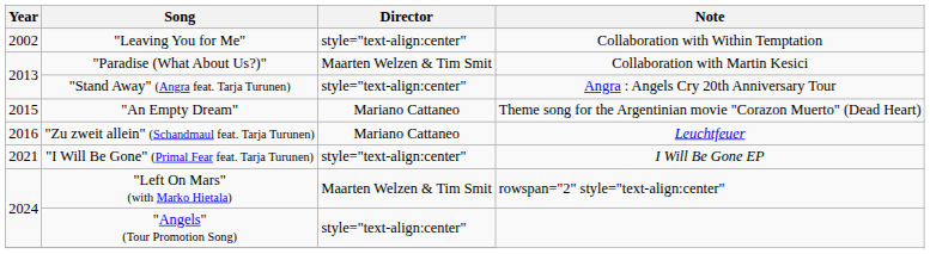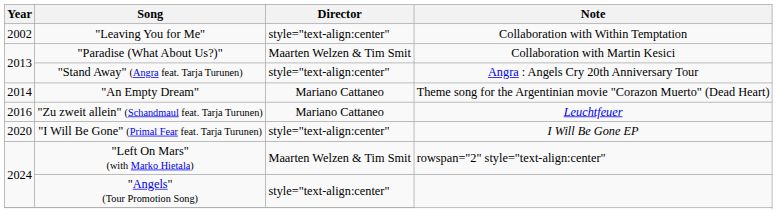 <table class="wikitable">
 <tr>
 <th>Year</th>
 <th>Song</th>
 <th>Director</th>
 <th>Note</th>
 </tr>
 <tr>
 <td>2002</td>
 <td style="text-align:center">"Leaving You for Me"</td>
 <td>style="text-align:center" </td>
 <td style="text-align:center">Collaboration with Within Temptation</td>
 </tr>
 <tr>
 <td rowspan="2">2013</td>
 <td style="text-align:center">"Paradise (What About Us?)"</td>
 <td style="text-align:center">Maarten Welzen & Tim Smit</td>
 <td style="text-align:center">Collaboration with Martin Kesici</td>
 </tr>
 <tr>
 <td style="text-align:center">"Stand Away" <small>(<a href='#'>Angra</a> feat. Tarja Turunen)</small></td>
 <td>style="text-align:center" </td>
 <td style="text-align:center"><a href='#'>Angra</a> : Angels Cry 20th Anniversary Tour</td>
 </tr>
 <tr>
-<td>2015</td>
+<td>2014</td>
 <td style="text-align:center">"An Empty Dream"</td>
 <td style="text-align:center">Mariano Cattaneo</td>
 <td style="text-align:center">Theme song for the Argentinian movie "Corazon Muerto" (Dead Heart)</td>
 </tr>
 <tr>
 <td style="text-align:center">2016</td>
 <td style="text-align:center">"Zu zweit allein" <small>(<a href='#'>Schandmaul</a> feat. Tarja Turunen)</small></td>
 <td style="text-align:center">Mariano Cattaneo</td>
 <td style="text-align:center"><em><a href='#'>Leuchtfeuer</a></em></td>
 </tr>
 <tr>
-<td style="text-align:center">2021</td>
+<td style="text-align:center">2020</td>
 <td style="text-align:center">"I Will Be Gone" <small>(<a href='#'>Primal Fear</a> feat. Tarja Turunen)</small></td>
 <td>style="text-align:center" </td>
 <td style="text-align:center"><em>I Will Be Gone EP</em></td>
 </tr>
 <tr>
 <td rowspan="2">2024</td>
 <td style="text-align:center">"Left On Mars"<br><small>(with <a href='#'>Marko Hietala</a>)</small></td>
 <td style="text-align:center">Maarten Welzen & Tim Smit</td>
 <td>rowspan="2" style="text-align:center" </td>
 </tr>
 <tr>
 <td style="text-align:center">"<a href='#'>Angels</a>"<br><small>(Tour Promotion Song)</small></td>
 <td>style="text-align:center" </td>
 </tr>
 <tr>
 </tr>
 </table>
